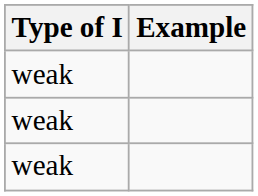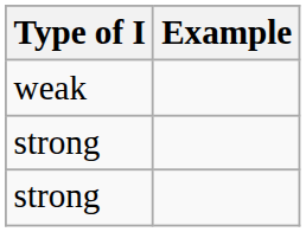 <table class="wikitable">
 <tr>
 <th>Type of I</th>
 <th>Example</th>
 </tr>
 <tr>
 <td>weak</td>
 <td></td>
 </tr>
 <tr>
-<td>weak</td>
+<td>strong</td>
 <td></td>
 </tr>
 <tr>
-<td>weak</td>
+<td>strong</td>
 <td></td>
 </tr>
 </table>
